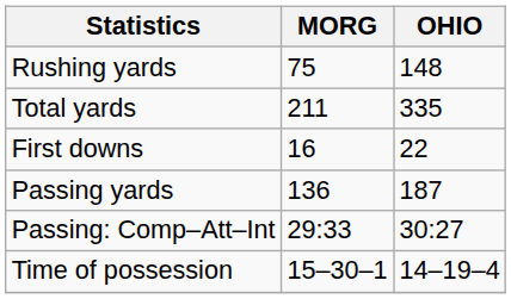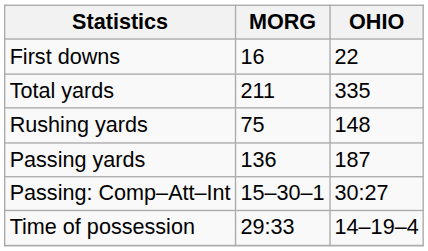 <table class="wikitable" style="float: left;">
 <tr>
 <th>Statistics</th>
 <th>MORG</th>
 <th>OHIO</th>
 </tr>
 <tr>
-<td>Rushing yards</td>
-<td>75</td>
-<td>148</td>
+<td>First downs</td>
+<td>16</td>
+<td>22</td>
 </tr>
 <tr>
 <td>Total yards</td>
 <td>211</td>
 <td>335</td>
 </tr>
 <tr>
-<td>First downs</td>
-<td>16</td>
-<td>22</td>
+<td>Rushing yards</td>
+<td>75</td>
+<td>148</td>
 </tr>
 <tr>
 <td>Passing yards</td>
 <td>136</td>
 <td>187</td>
 </tr>
 <tr>
 <td>Passing: Comp–Att–Int</td>
-<td>29:33</td>
+<td>15–30–1</td>
 <td>30:27</td>
 </tr>
 <tr>
 <td>Time of possession</td>
-<td>15–30–1</td>
+<td>29:33</td>
 <td>14–19–4</td>
 </tr>
 <tr>
 </tr>
 </table>
